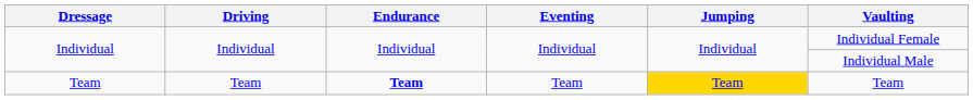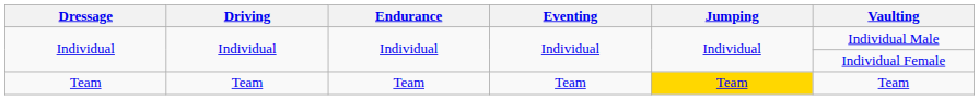 <table class="wikitable">
 <tr>
 <th width=175><a href='#'>Dressage</a></th>
 <th width=175><a href='#'>Driving</a></th>
 <th width=175><a href='#'>Endurance</a></th>
 <th width=175><a href='#'>Eventing</a></th>
 <th width=175><a href='#'>Jumping</a></th>
 <th width=175><a href='#'>Vaulting</a></th>
 </tr>
 <tr>
 <td rowspan="2" align="center"><a href='#'>Individual</a></td>
 <td rowspan="2" align="center"><a href='#'>Individual</a></td>
 <td rowspan="2" align="center"><a href='#'>Individual</a></td>
 <td rowspan="2" align="center"><a href='#'>Individual</a></td>
 <td rowspan="2" align="center"><a href='#'>Individual</a></td>
-<td align="center"><a href='#'>Individual Female</a></td>
+<td align="center"><a href='#'>Individual Male</a></td>
 </tr>
 <tr>
-<td align="center"><a href='#'>Individual Male</a></td>
+<td align="center"><a href='#'>Individual Female</a></td>
 </tr>
 <tr>
 <td align="center"><a href='#'>Team</a></td>
 <td align="center"><a href='#'>Team</a></td>
-<td align="center"><strong><a href='#'>Team</a></strong></td>
+<td align="center"><a href='#'>Team</a></td>
 <td align="center"><a href='#'>Team</a></td>
 <td align="center" style="background: gold;"><a href='#'>Team</a></td>
 <td align="center"><a href='#'>Team</a></td>
 </tr>
 </table>
